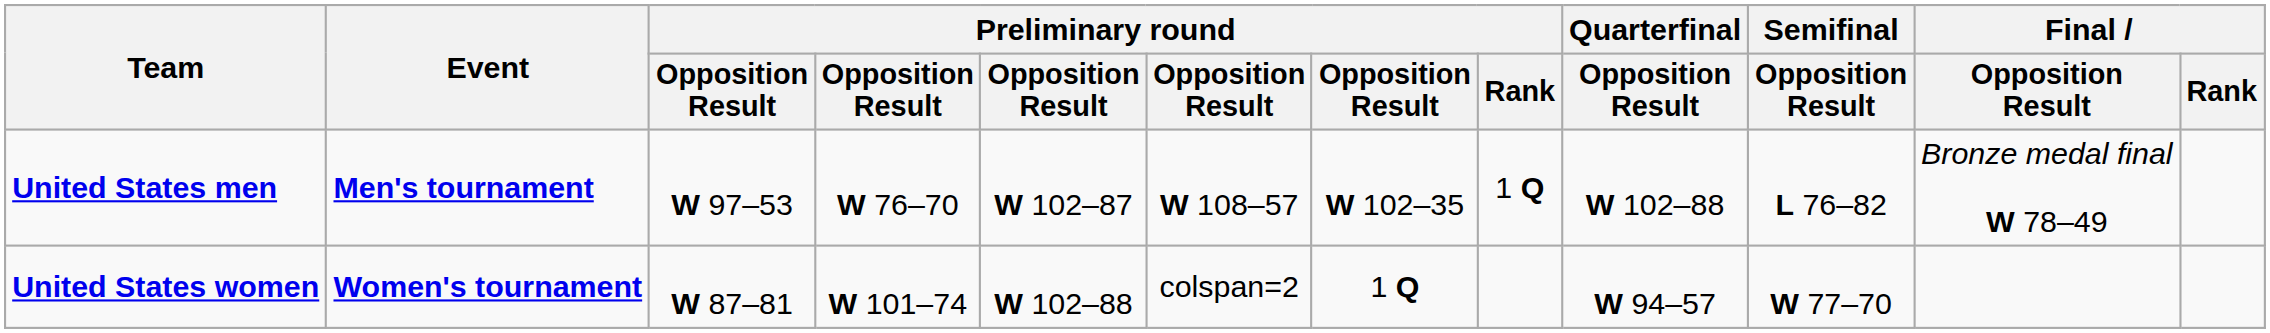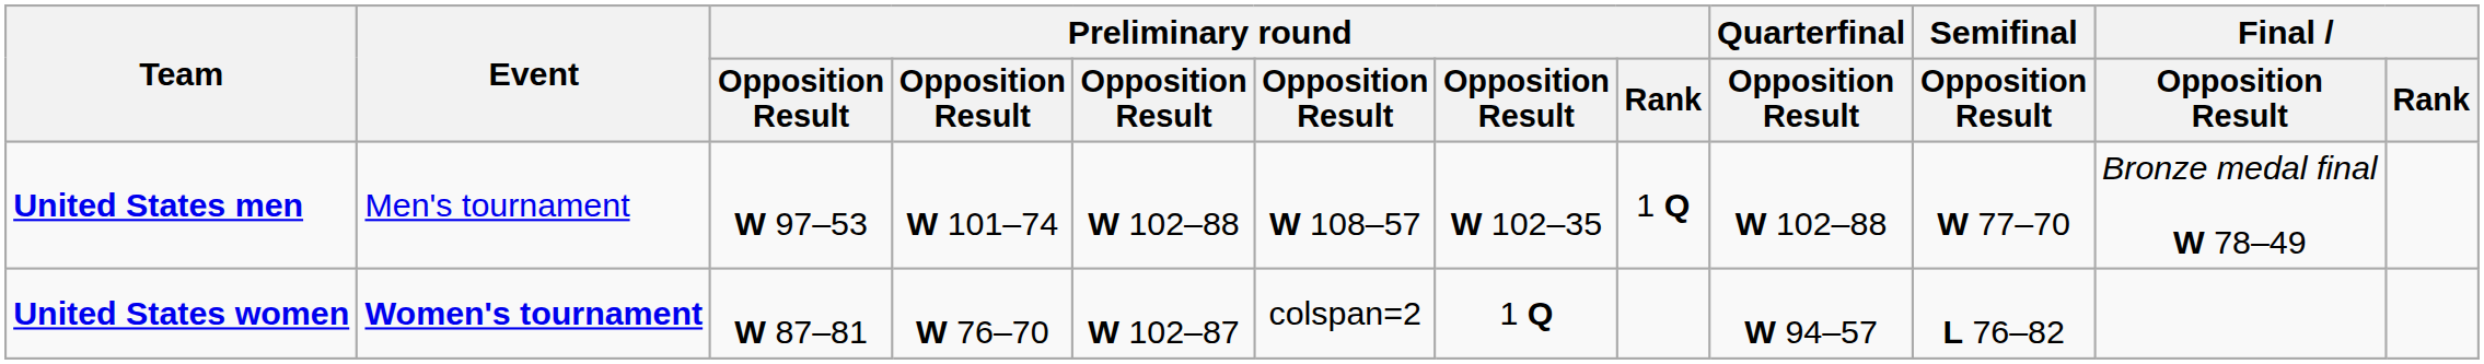 <table class=wikitable style=font-size:90%;text-align:center>
 <tr>
 <th rowspan=2>Team</th>
 <th rowspan=2>Event</th>
 <th colspan=6>Preliminary round</th>
 <th>Quarterfinal</th>
 <th>Semifinal</th>
 <th colspan=2>Final / </th>
 </tr>
 <tr style=font-size:95%>
 <th>Opposition<br>Result</th>
 <th>Opposition<br>Result</th>
 <th>Opposition<br>Result</th>
 <th>Opposition<br>Result</th>
 <th>Opposition<br>Result</th>
 <th>Rank</th>
 <th>Opposition<br>Result</th>
 <th>Opposition<br>Result</th>
 <th>Opposition<br>Result</th>
 <th>Rank</th>
 </tr>
 <tr>
 <td align=left><strong><a href='#'>United States men</a></strong></td>
-<td align=left><strong><a href='#'>Men's tournament</a></strong></td>
+<td align=left><a href='#'>Men's tournament</a></td>
 <td><br><strong>W</strong> 97–53</td>
-<td><br><strong>W</strong> 76–70</td>
-<td><br><strong>W</strong> 102–87</td>
+<td><br><strong>W</strong> 101–74</td>
+<td><br><strong>W</strong> 102–88</td>
 <td><br><strong>W</strong> 108–57</td>
 <td><br><strong>W</strong> 102–35</td>
 <td>1 <strong>Q</strong></td>
 <td><br><strong>W</strong> 102–88</td>
-<td><br><strong>L</strong> 76–82</td>
+<td><br><strong>W</strong> 77–70</td>
 <td><em>Bronze medal final</em><br><br><strong>W</strong> 78–49</td>
 <td></td>
 </tr>
 <tr>
 <td align=left><strong><a href='#'>United States women</a></strong></td>
 <td align=left><strong><a href='#'>Women's tournament</a></strong></td>
 <td><br><strong>W</strong> 87–81</td>
-<td><br><strong>W</strong> 101–74</td>
-<td><br><strong>W</strong> 102–88</td>
+<td><br><strong>W</strong> 76–70</td>
+<td><br><strong>W</strong> 102–87</td>
 <td>colspan=2 </td>
 <td>1 <strong>Q</strong></td>
 <td></td>
 <td><br><strong>W</strong> 94–57</td>
-<td><br><strong>W</strong> 77–70</td>
+<td><br><strong>L</strong> 76–82</td>
 <td></td>
 </tr>
 </table>
